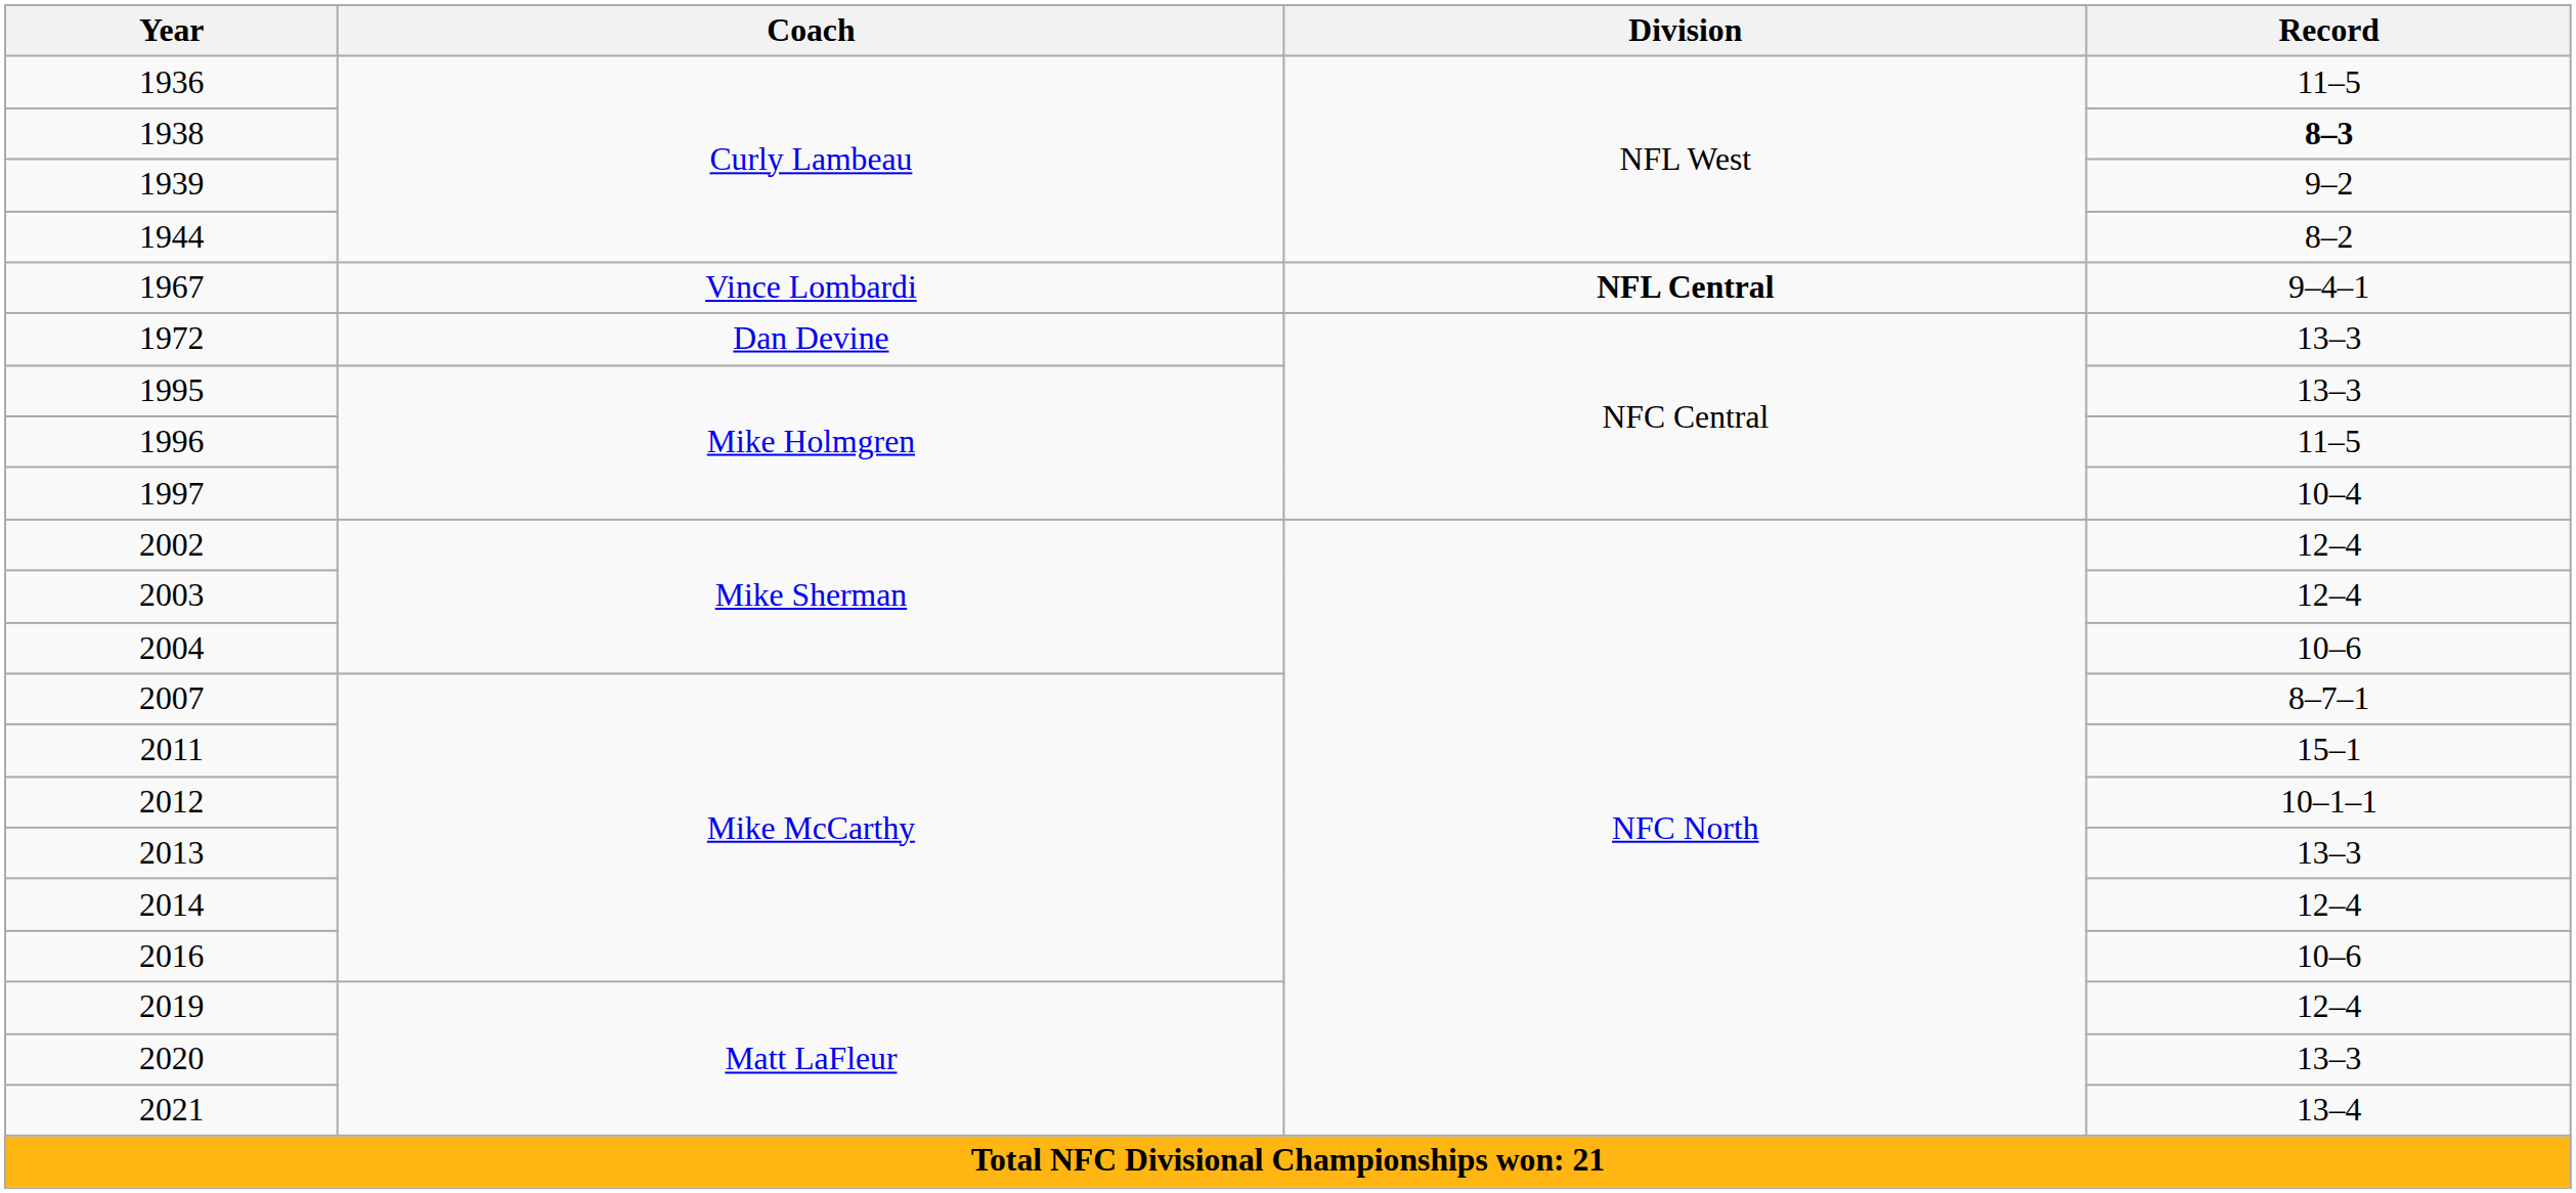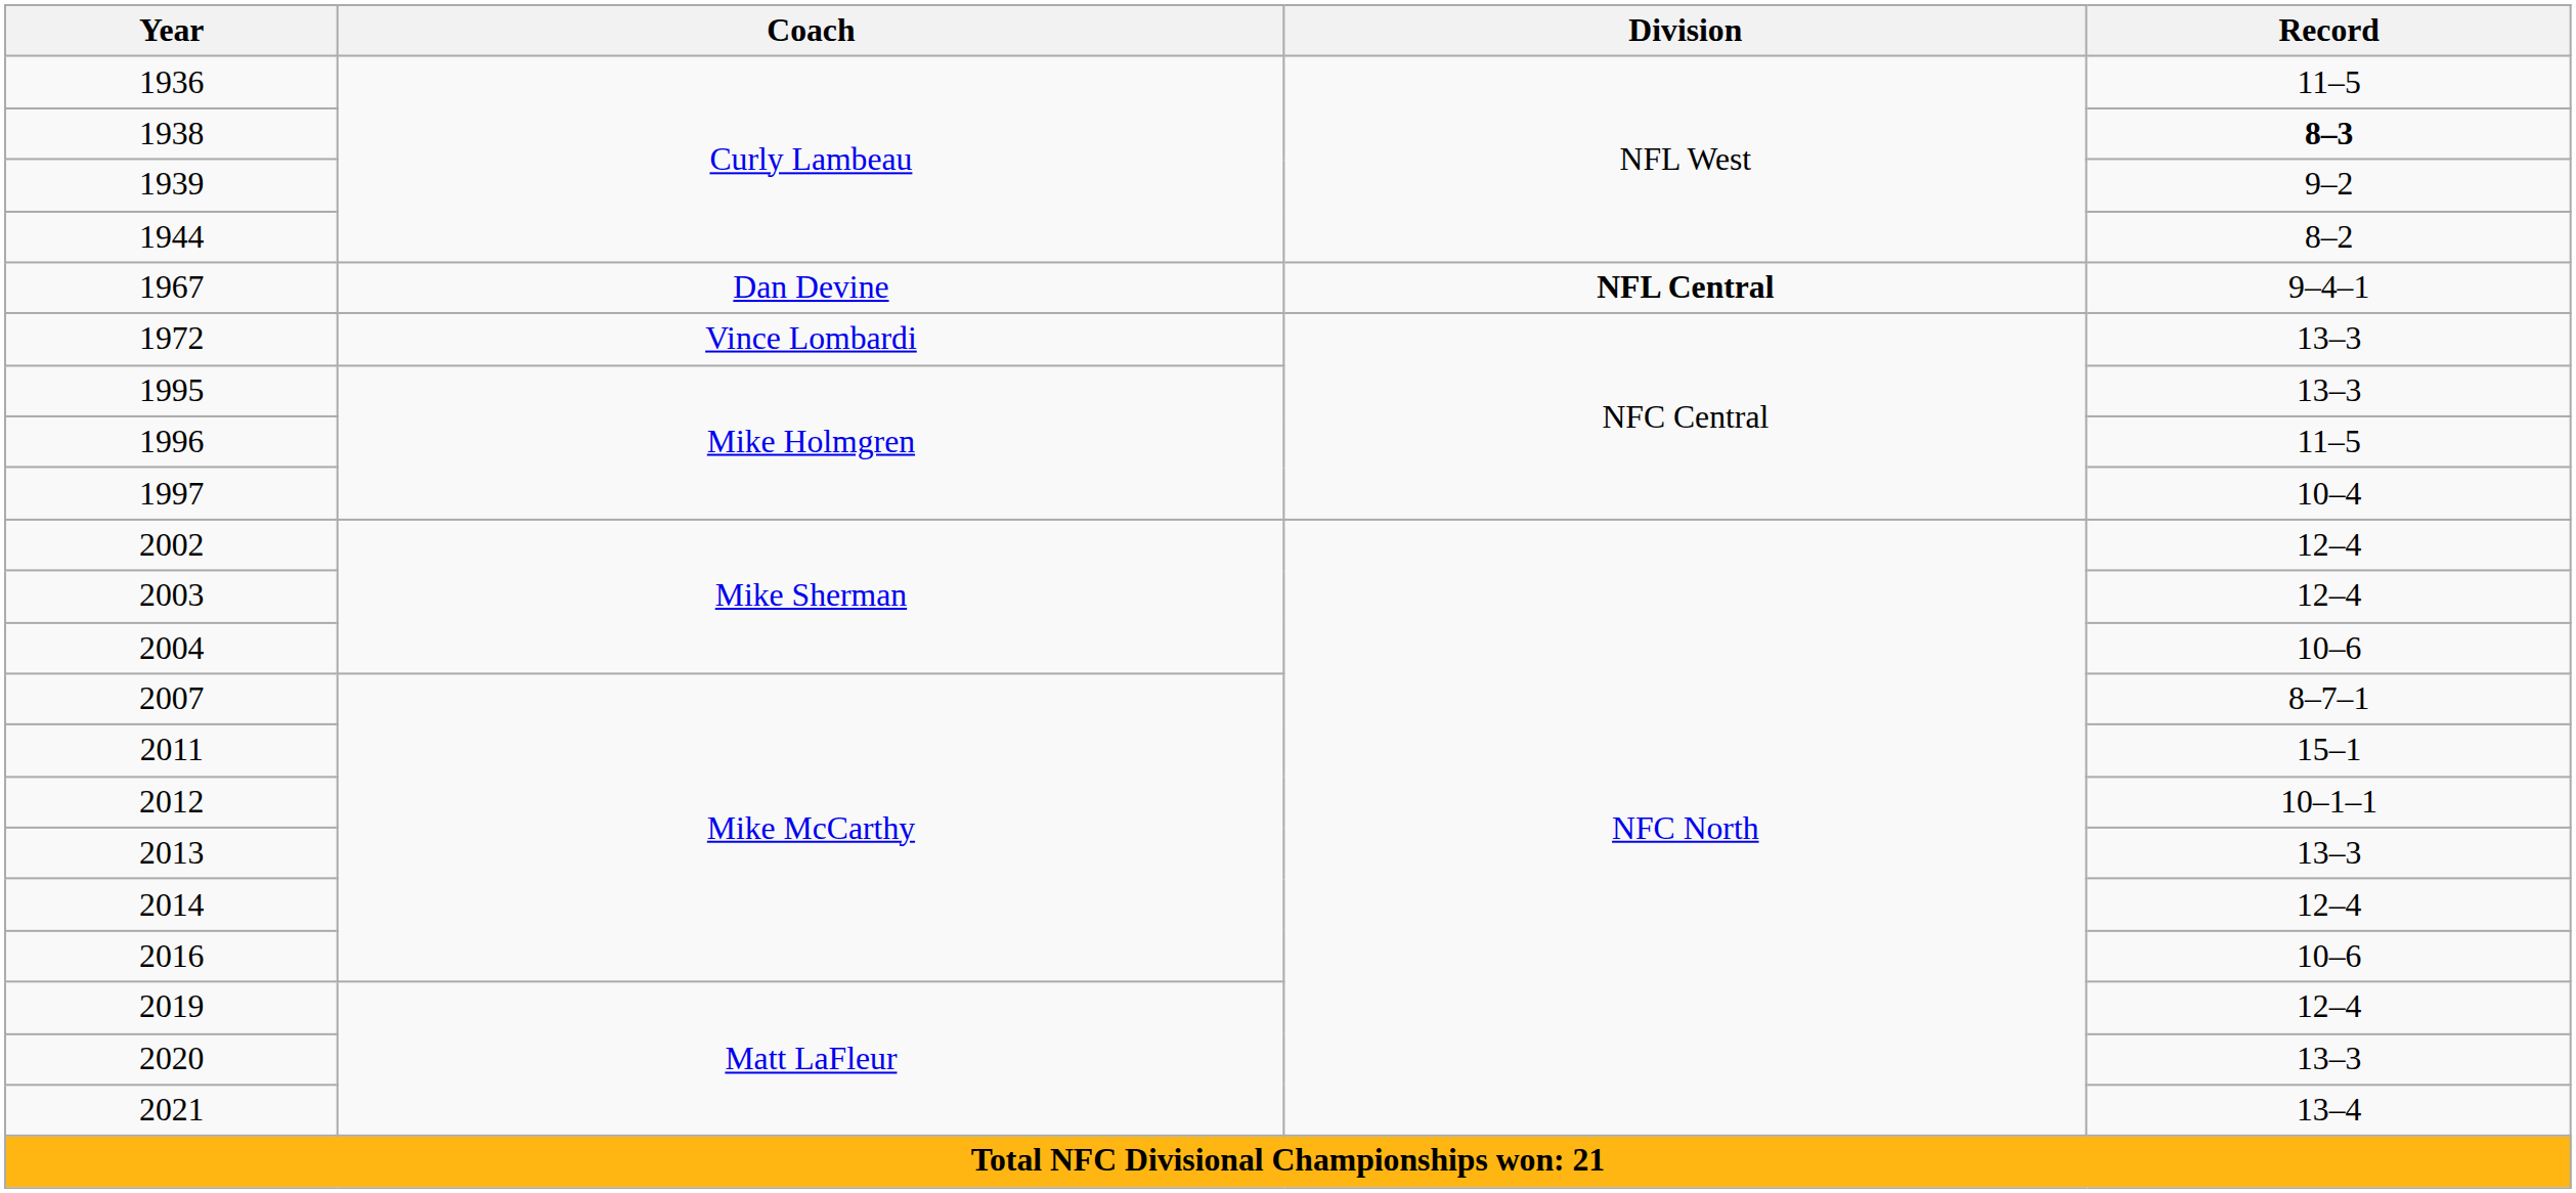 <table class="wikitable" style="width:80%;text-align:center">
 <tr>
 <th>Year</th>
 <th>Coach</th>
 <th>Division</th>
 <th>Record</th>
 </tr>
 <tr>
 <td>1936</td>
 <td rowspan="4"><a href='#'>Curly Lambeau</a></td>
 <td rowspan="4">NFL West</td>
 <td>11–5</td>
 </tr>
 <tr>
 <td>1938</td>
 <td><strong>8–3</strong></td>
 </tr>
 <tr>
 <td>1939</td>
 <td>9–2</td>
 </tr>
 <tr>
 <td>1944</td>
 <td>8–2</td>
 </tr>
 <tr>
 <td>1967</td>
-<td><a href='#'>Vince Lombardi</a></td>
+<td><a href='#'>Dan Devine</a></td>
 <td><strong>NFL Central</strong></td>
 <td>9–4–1</td>
 </tr>
 <tr>
 <td>1972</td>
-<td><a href='#'>Dan Devine</a></td>
+<td><a href='#'>Vince Lombardi</a></td>
 <td rowspan="4">NFC Central</td>
 <td>13–3</td>
 </tr>
 <tr>
 <td>1995</td>
 <td rowspan="3"><a href='#'>Mike Holmgren</a></td>
 <td>13–3</td>
 </tr>
 <tr>
 <td>1996</td>
 <td>11–5</td>
 </tr>
 <tr>
 <td>1997</td>
 <td>10–4</td>
 </tr>
 <tr>
 <td>2002</td>
 <td rowspan="3"><a href='#'>Mike Sherman</a></td>
 <td rowspan="12"><a href='#'>NFC North</a></td>
 <td>12–4</td>
 </tr>
 <tr>
 <td>2003</td>
 <td>12–4</td>
 </tr>
 <tr>
 <td>2004</td>
 <td>10–6</td>
 </tr>
 <tr>
 <td>2007</td>
 <td rowspan="6"><a href='#'>Mike McCarthy</a></td>
 <td>8–7–1</td>
 </tr>
 <tr>
 <td>2011</td>
 <td>15–1</td>
 </tr>
 <tr>
 <td>2012</td>
 <td>10–1–1</td>
 </tr>
 <tr>
 <td>2013</td>
 <td>13–3</td>
 </tr>
 <tr>
 <td>2014</td>
 <td>12–4</td>
 </tr>
 <tr>
 <td>2016</td>
 <td>10–6</td>
 </tr>
 <tr>
 <td>2019</td>
 <td rowspan="3"><a href='#'>Matt LaFleur</a></td>
 <td>12–4</td>
 </tr>
 <tr>
 <td>2020</td>
 <td>13–3</td>
 </tr>
 <tr>
 <td>2021</td>
 <td>13–4</td>
 </tr>
 <tr style="background:#FFB612;">
 <td colspan="4"><span><strong>Total NFC Divisional Championships won: 21</strong></span></td>
 </tr>
 </table>
